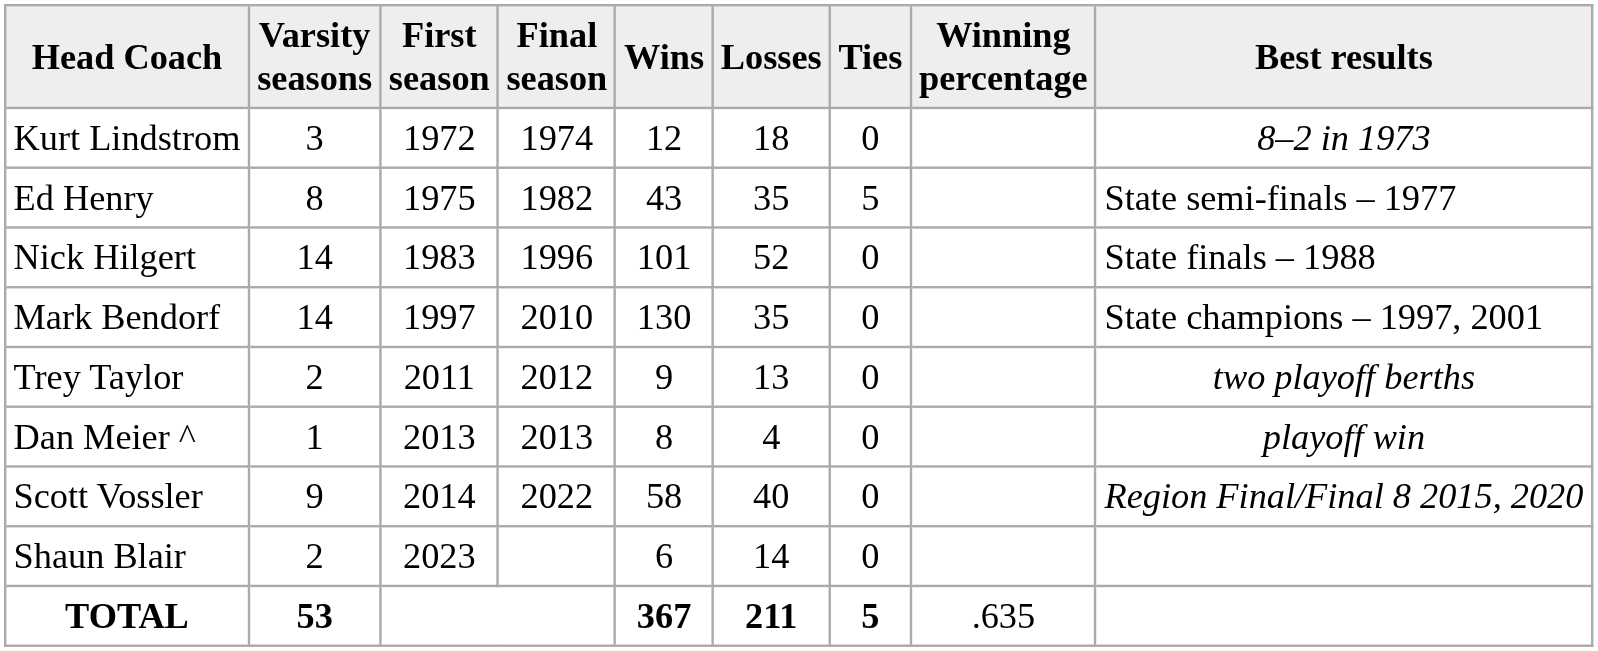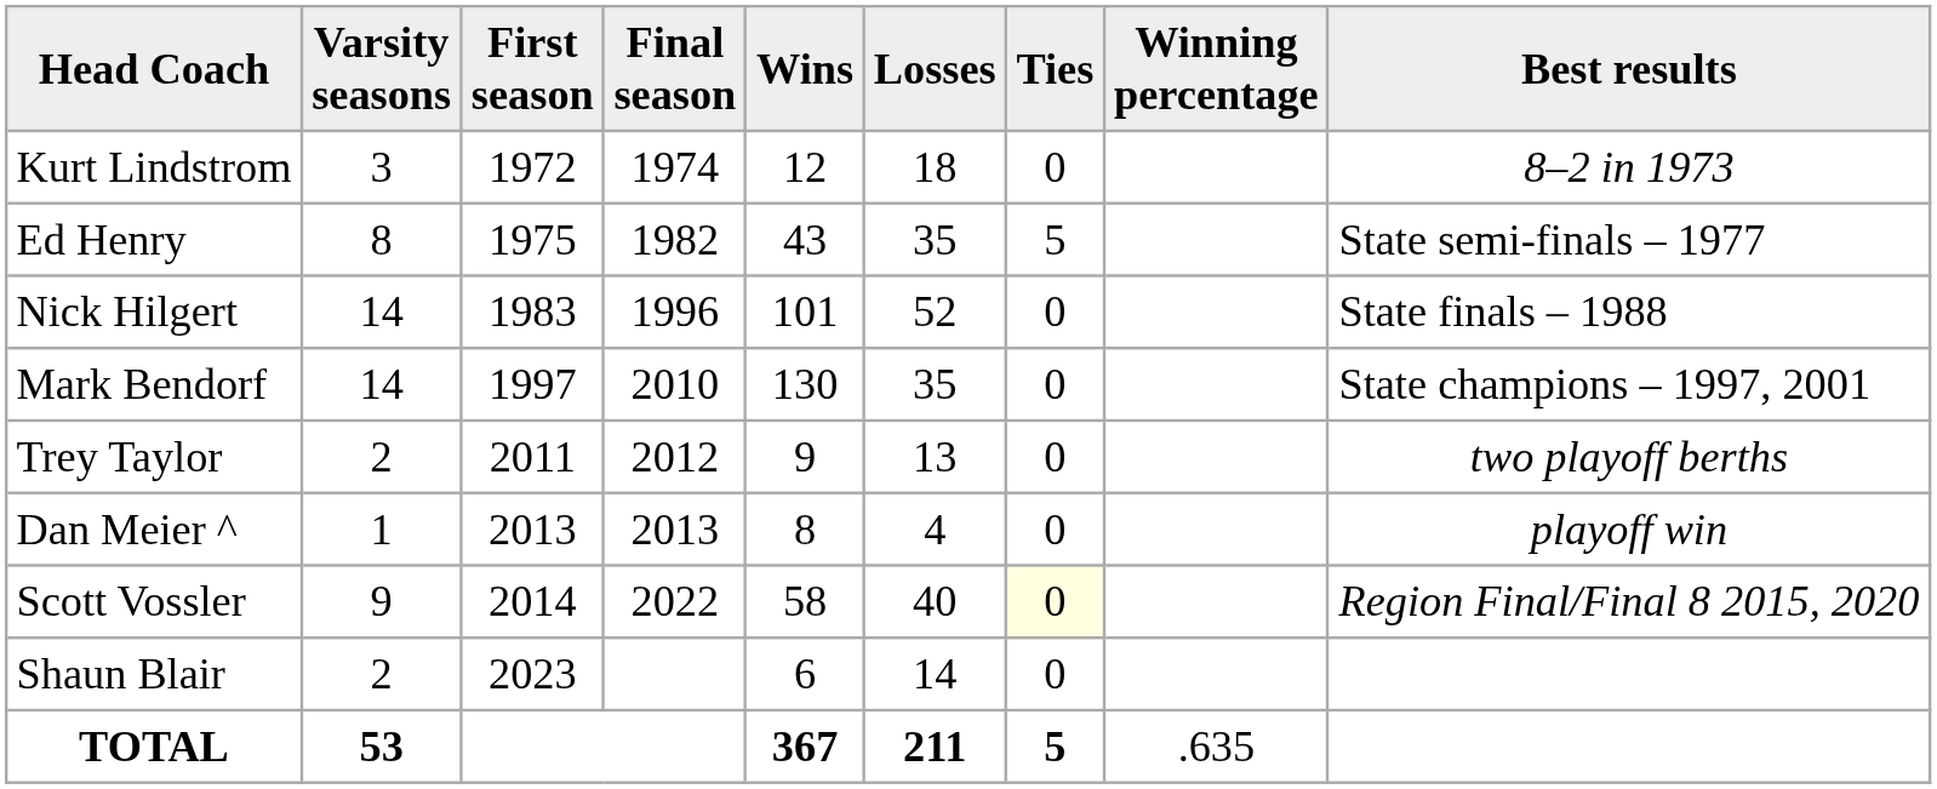 <table cellpadding="3" cellspacing="0" border="1" style="font-size: 95%; border: #aaa solid 1px; border-collapse: collapse;">
 <tr bgcolor="#eeeeee">
 <th>Head Coach</th>
 <th>Varsity<br>seasons</th>
 <th>First<br>season</th>
 <th>Final<br>season</th>
 <th>Wins</th>
 <th>Losses</th>
 <th>Ties</th>
 <th>Winning<br>percentage</th>
 <th>Best results</th>
 </tr>
 <tr>
 <td align="left">Kurt Lindstrom</td>
 <td align="center">3</td>
 <td align="center">1972</td>
 <td align="center">1974</td>
 <td align="center">12</td>
 <td align="center">18</td>
 <td align="center">0</td>
 <td align="center"></td>
 <td align=center><em>8–2 in 1973</em></td>
 </tr>
 <tr>
 <td align="left">Ed Henry</td>
 <td align="center">8</td>
 <td align="center">1975</td>
 <td align="center">1982</td>
 <td align="center">43</td>
 <td align="center">35</td>
 <td align="center">5</td>
 <td align="center"></td>
 <td>State semi-finals – 1977</td>
 </tr>
 <tr>
 <td align="left">Nick Hilgert</td>
 <td align="center">14</td>
 <td align="center">1983</td>
 <td align="center">1996</td>
 <td align="center">101</td>
 <td align="center">52</td>
 <td align="center">0</td>
 <td align="center"></td>
 <td>State finals – 1988</td>
 </tr>
 <tr>
 <td align="left">Mark Bendorf</td>
 <td align="center">14</td>
 <td align="center">1997</td>
 <td align="center">2010</td>
 <td align="center">130</td>
 <td align="center">35</td>
 <td align="center">0</td>
 <td align="center"></td>
 <td>State champions – 1997, 2001</td>
 </tr>
 <tr>
 <td align="left">Trey Taylor </td>
 <td align="center">2 </td>
 <td align="center">2011</td>
 <td align="center">2012</td>
 <td align="center">9</td>
 <td align="center">13</td>
 <td align="center">0</td>
 <td align="center"></td>
 <td align=center><em>two playoff berths</em></td>
 </tr>
 <tr>
 <td align="left">Dan Meier ^</td>
 <td align="center">1 </td>
 <td align="center">2013</td>
 <td align="center">2013</td>
 <td align="center">8</td>
 <td align="center">4</td>
 <td align="center">0</td>
 <td align="center"></td>
 <td align=center><em>playoff win</em></td>
 </tr>
 <tr>
 <td align="left">Scott Vossler</td>
 <td align="center">9 </td>
 <td align="center">2014</td>
 <td align="center">2022</td>
 <td align="center">58</td>
 <td align="center">40</td>
-<td align="center">0</td>
+<td align="center" style="background: lightyellow;">0</td>
 <td align="center"></td>
 <td align=center><em>Region Final/Final 8 2015, 2020</em></td>
 </tr>
 <tr>
 <td align="left">Shaun Blair</td>
 <td align="center">2</td>
 <td align="center">2023</td>
 <td align="center"></td>
 <td align="center">6</td>
 <td align="center">14</td>
 <td align="center">0</td>
 <td align="center"></td>
 <td align=center></td>
 </tr>
 <tr>
 <td align="center"><strong>TOTAL</strong></td>
 <td align="center"><strong>53</strong></td>
 <td align="center" colspan=2></td>
 <td align="center"><strong>367</strong></td>
 <td align="center"><strong>211</strong></td>
 <td align="center"><strong>5</strong></td>
 <td align="center">.635</td>
 <td></td>
 </tr>
 </table>
